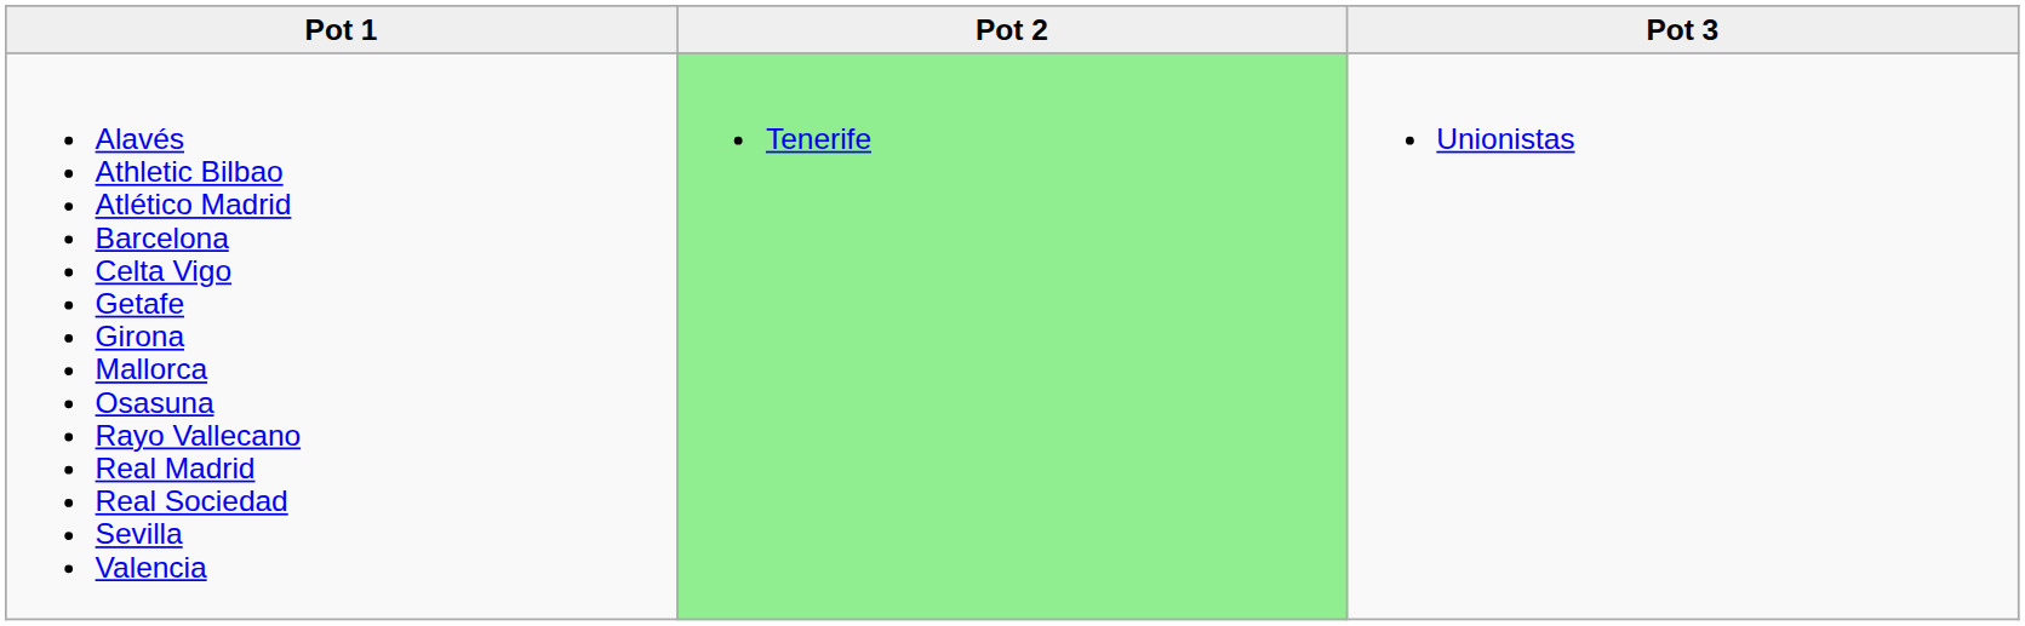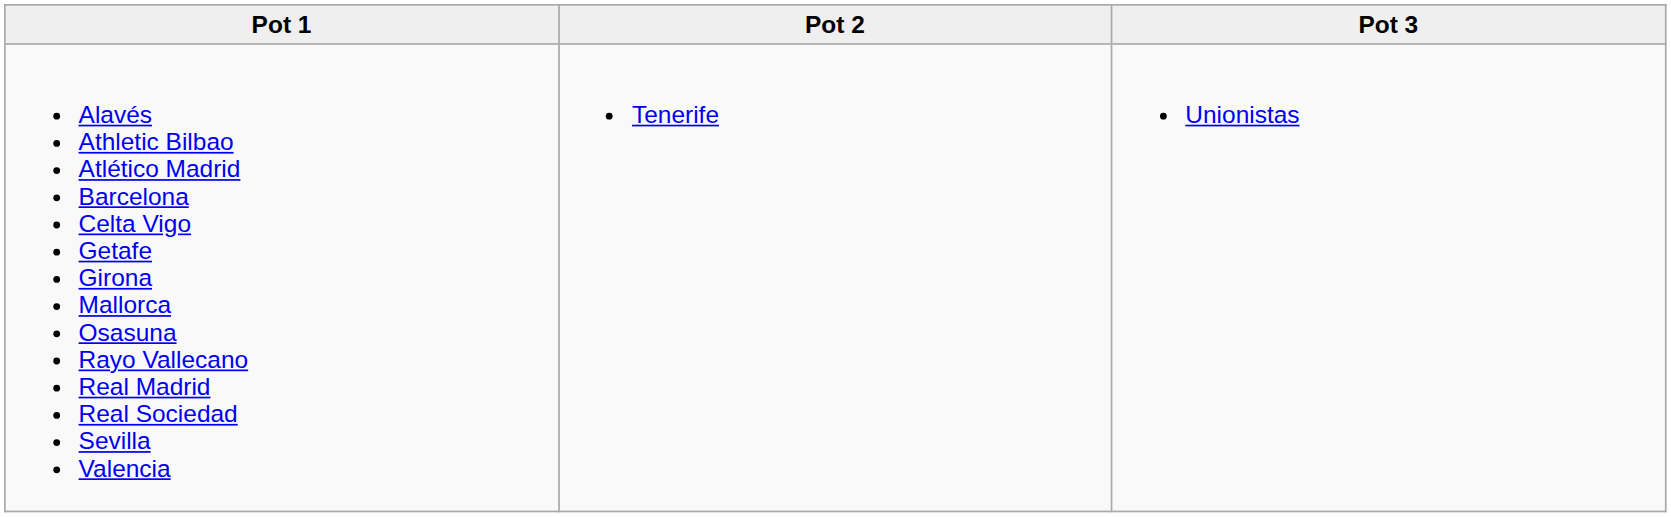 <table class="wikitable" style="font-size:90%">
 <tr bgcolor=#efefef align=center>
 <td width=15%><strong>Pot 1</strong><br></td>
 <td width="15%"><strong>Pot 2</strong><br></td>
 <td width=15%><strong>Pot 3</strong><br></td>
 </tr>
 <tr valign=top>
 <td><br><ul><li><a href='#'>Alavés</a></li><li><a href='#'>Athletic Bilbao</a></li><li><a href='#'>Atlético Madrid</a></li><li><a href='#'>Barcelona</a></li><li><a href='#'>Celta Vigo</a></li><li><a href='#'>Getafe</a></li><li><a href='#'>Girona</a></li><li><a href='#'>Mallorca</a></li><li><a href='#'>Osasuna</a></li><li><a href='#'>Rayo Vallecano</a></li><li><a href='#'>Real Madrid</a></li><li><a href='#'>Real Sociedad</a></li><li><a href='#'>Sevilla</a></li><li><a href='#'>Valencia</a></li></ul></td>
-<td style="background: lightgreen;"><br><ul><li><a href='#'>Tenerife</a></li></ul></td>
+<td><br><ul><li><a href='#'>Tenerife</a></li></ul></td>
 <td><br><ul><li><a href='#'>Unionistas</a></li></ul></td>
 </tr>
 </table>
